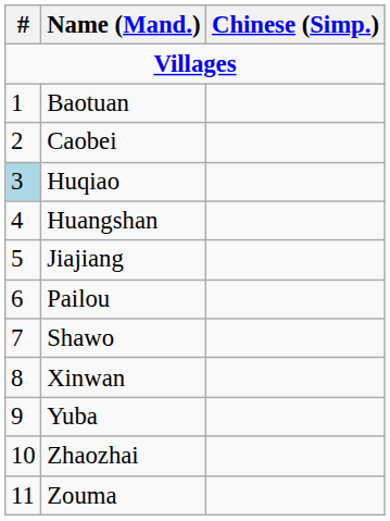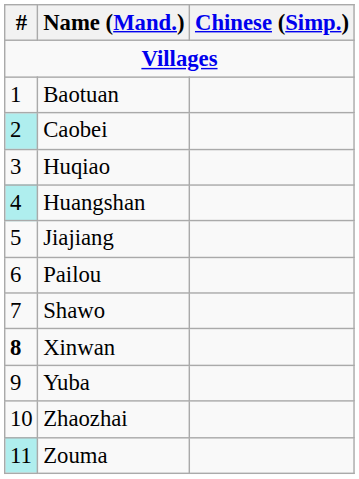 <table class="wikitable sortable">
 <tr>
 <th>#</th>
 <th>Name (<a href='#'>Mand.</a>)</th>
 <th><a href='#'>Chinese</a> (<a href='#'>Simp.</a>)</th>
 </tr>
 <tr>
 <td style="text-align:center;" colspan="7"><strong><a href='#'>Villages</a></strong></td>
 </tr>
 <tr>
 <td>1</td>
 <td>Baotuan</td>
 <td></td>
 </tr>
 <tr>
-<td>2</td>
+<td style="background: paleturquoise;">2</td>
 <td>Caobei</td>
 <td></td>
 </tr>
 <tr>
-<td style="background: lightblue;">3</td>
+<td>3</td>
 <td>Huqiao</td>
 <td></td>
 </tr>
 <tr>
-<td>4</td>
+<td style="background: paleturquoise;">4</td>
 <td>Huangshan</td>
 <td></td>
 </tr>
 <tr>
 <td>5</td>
 <td>Jiajiang</td>
 <td></td>
 </tr>
 <tr>
 <td>6</td>
 <td>Pailou</td>
 <td></td>
 </tr>
 <tr>
 <td>7</td>
 <td>Shawo</td>
 <td></td>
 </tr>
 <tr>
-<td>8</td>
+<td><strong>8</strong></td>
 <td>Xinwan</td>
 <td></td>
 </tr>
 <tr>
 <td>9</td>
 <td>Yuba</td>
 <td></td>
 </tr>
 <tr>
 <td>10</td>
 <td>Zhaozhai</td>
 <td></td>
 </tr>
 <tr>
-<td>11</td>
+<td style="background: paleturquoise;">11</td>
 <td>Zouma</td>
 <td></td>
 </tr>
 </table>
